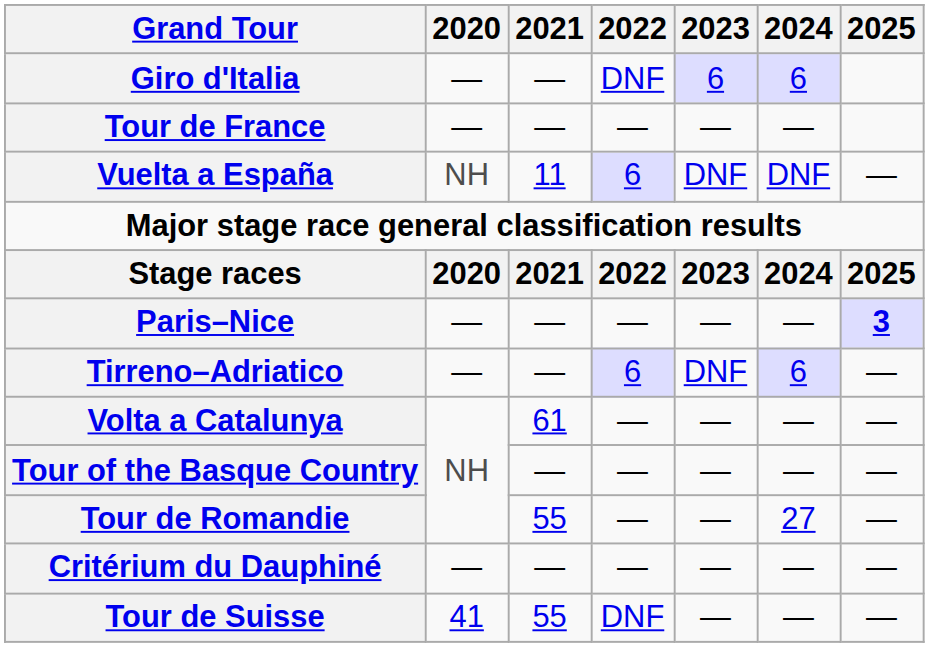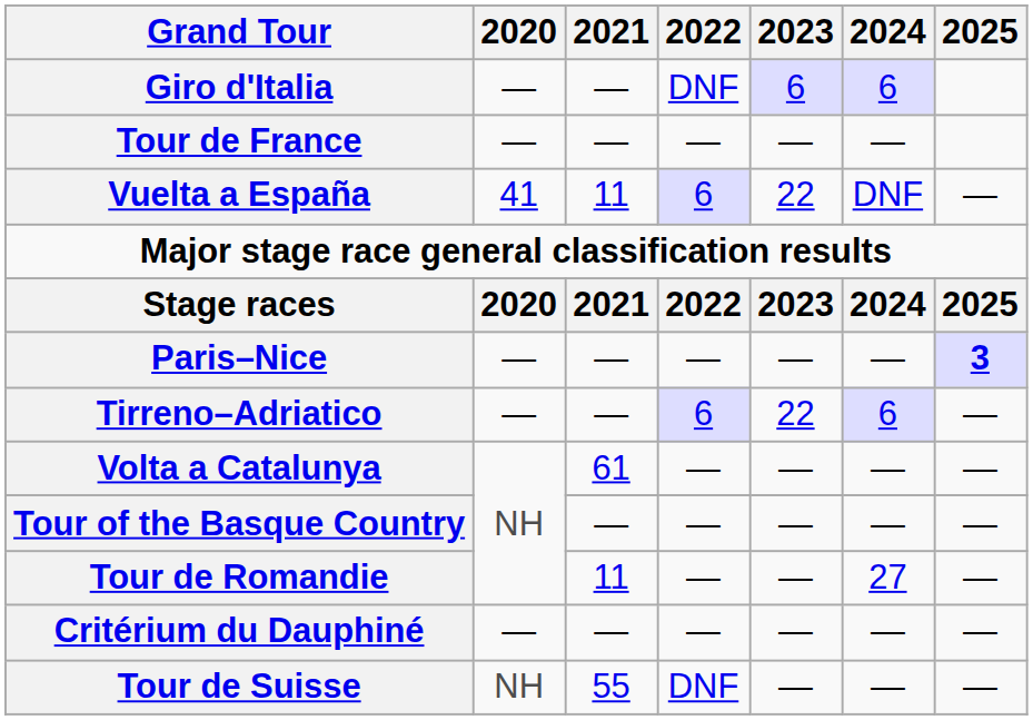 <table class="wikitable plainrowheaders">
 <tr>
 <th scope="col"><a href='#'>Grand Tour</a></th>
 <th scope="col">2020</th>
 <th scope="col">2021</th>
 <th scope="col">2022</th>
 <th scope="col">2023</th>
 <th scope="col">2024</th>
 <th scope="col">2025</th>
 </tr>
 <tr style="text-align:center;">
 <th scope="row"> <a href='#'>Giro d'Italia</a></th>
 <td>—</td>
 <td>—</td>
 <td><a href='#'>DNF</a></td>
 <td style="background:#ddf;"><a href='#'>6</a></td>
 <td style="background:#ddf;"><a href='#'>6</a></td>
 <td></td>
 </tr>
 <tr style="text-align:center;">
 <th scope="row"> <a href='#'>Tour de France</a></th>
 <td>—</td>
 <td>—</td>
 <td>—</td>
 <td>—</td>
 <td>—</td>
 <td></td>
 </tr>
 <tr style="text-align:center;">
 <th scope="row"> <a href='#'>Vuelta a España</a></th>
-<td style="color:#4d4d4d;">NH</td>
+<td><a href='#'>41</a></td>
 <td><a href='#'>11</a></td>
 <td style="background:#ddf;"><a href='#'>6</a></td>
-<td><a href='#'>DNF</a></td>
+<td><a href='#'>22</a></td>
 <td><a href='#'>DNF</a></td>
 <td>—</td>
 </tr>
 <tr>
 <td colspan=16 align="center"><strong>Major stage race general classification results</strong></td>
 </tr>
 <tr>
 <th scope="col">Stage races</th>
 <th scope="col">2020</th>
 <th scope="col">2021</th>
 <th scope="col">2022</th>
 <th scope="col">2023</th>
 <th scope="col">2024</th>
 <th scope="col">2025</th>
 </tr>
 <tr style="text-align:center;">
 <th scope="row"> <a href='#'>Paris–Nice</a></th>
 <td>—</td>
 <td>—</td>
 <td>—</td>
 <td>—</td>
 <td>—</td>
 <td style="background:#ddf;"><a href='#'><strong>3</strong></a></td>
 </tr>
 <tr style="text-align:center;">
 <th scope="row"> <a href='#'>Tirreno–Adriatico</a></th>
 <td>—</td>
 <td>—</td>
 <td style="background:#ddf;"><a href='#'>6</a></td>
-<td><a href='#'>DNF</a></td>
+<td><a href='#'>22</a></td>
 <td style="background:#ddf;"><a href='#'>6</a></td>
 <td>—</td>
 </tr>
 <tr style="text-align:center;">
 <th scope="row"> <a href='#'>Volta a Catalunya</a></th>
 <td style="color:#4d4d4d;" rowspan=3>NH</td>
 <td><a href='#'>61</a></td>
 <td>—</td>
 <td>—</td>
 <td>—</td>
 <td>—</td>
 </tr>
 <tr style="text-align:center;">
 <th scope="row"> <a href='#'>Tour of the Basque Country</a></th>
 <td>—</td>
 <td>—</td>
 <td>—</td>
 <td>—</td>
 <td>—</td>
 </tr>
 <tr style="text-align:center;">
 <th scope="row"> <a href='#'>Tour de Romandie</a></th>
-<td><a href='#'>55</a></td>
+<td><a href='#'>11</a></td>
 <td>—</td>
 <td>—</td>
 <td><a href='#'>27</a></td>
 <td>—</td>
 </tr>
 <tr style="text-align:center;">
 <th scope="row"> <a href='#'>Critérium du Dauphiné</a></th>
 <td>—</td>
 <td>—</td>
 <td>—</td>
 <td>—</td>
 <td>—</td>
 <td>—</td>
 </tr>
 <tr align="center">
 <th scope="row"> <a href='#'>Tour de Suisse</a></th>
-<td><a href='#'>41</a></td>
+<td style="color:#4d4d4d;">NH</td>
 <td><a href='#'>55</a></td>
 <td><a href='#'>DNF</a></td>
 <td>—</td>
 <td>—</td>
 <td>—</td>
 </tr>
 </table>
